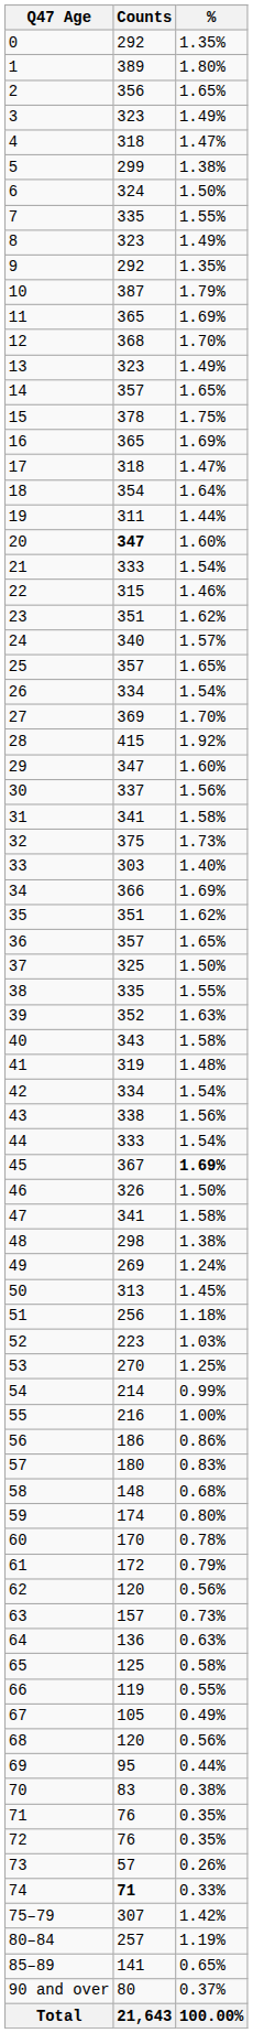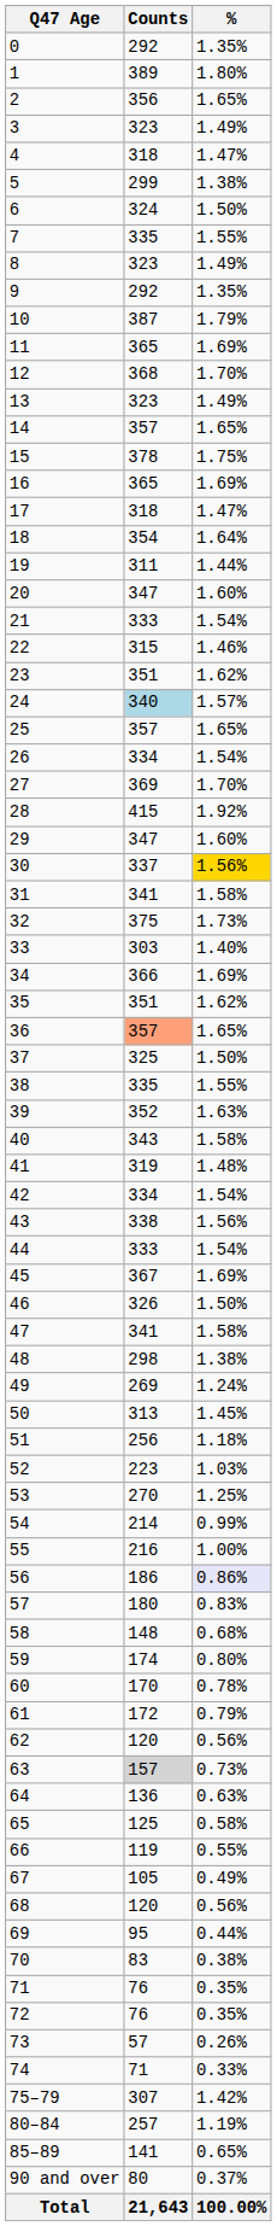 <table class="wikitable sortable">
 <tr>
 <th>Q47 Age</th>
 <th>Counts</th>
 <th>%</th>
 </tr>
 <tr>
 <td>0</td>
 <td>292</td>
 <td>1.35%</td>
 </tr>
 <tr>
 <td>1</td>
 <td>389</td>
 <td>1.80%</td>
 </tr>
 <tr>
 <td>2</td>
 <td>356</td>
 <td>1.65%</td>
 </tr>
 <tr>
 <td>3</td>
 <td>323</td>
 <td>1.49%</td>
 </tr>
 <tr>
 <td>4</td>
 <td>318</td>
 <td>1.47%</td>
 </tr>
 <tr>
 <td>5</td>
 <td>299</td>
 <td>1.38%</td>
 </tr>
 <tr>
 <td>6</td>
 <td>324</td>
 <td>1.50%</td>
 </tr>
 <tr>
 <td>7</td>
 <td>335</td>
 <td>1.55%</td>
 </tr>
 <tr>
 <td>8</td>
 <td>323</td>
 <td>1.49%</td>
 </tr>
 <tr>
 <td>9</td>
 <td>292</td>
 <td>1.35%</td>
 </tr>
 <tr>
 <td>10</td>
 <td>387</td>
 <td>1.79%</td>
 </tr>
 <tr>
 <td>11</td>
 <td>365</td>
 <td>1.69%</td>
 </tr>
 <tr>
 <td>12</td>
 <td>368</td>
 <td>1.70%</td>
 </tr>
 <tr>
 <td>13</td>
 <td>323</td>
 <td>1.49%</td>
 </tr>
 <tr>
 <td>14</td>
 <td>357</td>
 <td>1.65%</td>
 </tr>
 <tr>
 <td>15</td>
 <td>378</td>
 <td>1.75%</td>
 </tr>
 <tr>
 <td>16</td>
 <td>365</td>
 <td>1.69%</td>
 </tr>
 <tr>
 <td>17</td>
 <td>318</td>
 <td>1.47%</td>
 </tr>
 <tr>
 <td>18</td>
 <td>354</td>
 <td>1.64%</td>
 </tr>
 <tr>
 <td>19</td>
 <td>311</td>
 <td>1.44%</td>
 </tr>
 <tr>
 <td>20</td>
-<td><strong>347</strong></td>
+<td>347</td>
 <td>1.60%</td>
 </tr>
 <tr>
 <td>21</td>
 <td>333</td>
 <td>1.54%</td>
 </tr>
 <tr>
 <td>22</td>
 <td>315</td>
 <td>1.46%</td>
 </tr>
 <tr>
 <td>23</td>
 <td>351</td>
 <td>1.62%</td>
 </tr>
 <tr>
 <td>24</td>
-<td>340</td>
+<td style="background: lightblue;">340</td>
 <td>1.57%</td>
 </tr>
 <tr>
 <td>25</td>
 <td>357</td>
 <td>1.65%</td>
 </tr>
 <tr>
 <td>26</td>
 <td>334</td>
 <td>1.54%</td>
 </tr>
 <tr>
 <td>27</td>
 <td>369</td>
 <td>1.70%</td>
 </tr>
 <tr>
 <td>28</td>
 <td>415</td>
 <td>1.92%</td>
 </tr>
 <tr>
 <td>29</td>
 <td>347</td>
 <td>1.60%</td>
 </tr>
 <tr>
 <td>30</td>
 <td>337</td>
-<td>1.56%</td>
+<td style="background: gold;">1.56%</td>
 </tr>
 <tr>
 <td>31</td>
 <td>341</td>
 <td>1.58%</td>
 </tr>
 <tr>
 <td>32</td>
 <td>375</td>
 <td>1.73%</td>
 </tr>
 <tr>
 <td>33</td>
 <td>303</td>
 <td>1.40%</td>
 </tr>
 <tr>
 <td>34</td>
 <td>366</td>
 <td>1.69%</td>
 </tr>
 <tr>
 <td>35</td>
 <td>351</td>
 <td>1.62%</td>
 </tr>
 <tr>
 <td>36</td>
-<td>357</td>
+<td style="background: lightsalmon;">357</td>
 <td>1.65%</td>
 </tr>
 <tr>
 <td>37</td>
 <td>325</td>
 <td>1.50%</td>
 </tr>
 <tr>
 <td>38</td>
 <td>335</td>
 <td>1.55%</td>
 </tr>
 <tr>
 <td>39</td>
 <td>352</td>
 <td>1.63%</td>
 </tr>
 <tr>
 <td>40</td>
 <td>343</td>
 <td>1.58%</td>
 </tr>
 <tr>
 <td>41</td>
 <td>319</td>
 <td>1.48%</td>
 </tr>
 <tr>
 <td>42</td>
 <td>334</td>
 <td>1.54%</td>
 </tr>
 <tr>
 <td>43</td>
 <td>338</td>
 <td>1.56%</td>
 </tr>
 <tr>
 <td>44</td>
 <td>333</td>
 <td>1.54%</td>
 </tr>
 <tr>
 <td>45</td>
 <td>367</td>
-<td><strong>1.69%</strong></td>
+<td>1.69%</td>
 </tr>
 <tr>
 <td>46</td>
 <td>326</td>
 <td>1.50%</td>
 </tr>
 <tr>
 <td>47</td>
 <td>341</td>
 <td>1.58%</td>
 </tr>
 <tr>
 <td>48</td>
 <td>298</td>
 <td>1.38%</td>
 </tr>
 <tr>
 <td>49</td>
 <td>269</td>
 <td>1.24%</td>
 </tr>
 <tr>
 <td>50</td>
 <td>313</td>
 <td>1.45%</td>
 </tr>
 <tr>
 <td>51</td>
 <td>256</td>
 <td>1.18%</td>
 </tr>
 <tr>
 <td>52</td>
 <td>223</td>
 <td>1.03%</td>
 </tr>
 <tr>
 <td>53</td>
 <td>270</td>
 <td>1.25%</td>
 </tr>
 <tr>
 <td>54</td>
 <td>214</td>
 <td>0.99%</td>
 </tr>
 <tr>
 <td>55</td>
 <td>216</td>
 <td>1.00%</td>
 </tr>
 <tr>
 <td>56</td>
 <td>186</td>
-<td>0.86%</td>
+<td style="background: lavender;">0.86%</td>
 </tr>
 <tr>
 <td>57</td>
 <td>180</td>
 <td>0.83%</td>
 </tr>
 <tr>
 <td>58</td>
 <td>148</td>
 <td>0.68%</td>
 </tr>
 <tr>
 <td>59</td>
 <td>174</td>
 <td>0.80%</td>
 </tr>
 <tr>
 <td>60</td>
 <td>170</td>
 <td>0.78%</td>
 </tr>
 <tr>
 <td>61</td>
 <td>172</td>
 <td>0.79%</td>
 </tr>
 <tr>
 <td>62</td>
 <td>120</td>
 <td>0.56%</td>
 </tr>
 <tr>
 <td>63</td>
-<td>157</td>
+<td style="background: lightgrey;">157</td>
 <td>0.73%</td>
 </tr>
 <tr>
 <td>64</td>
 <td>136</td>
 <td>0.63%</td>
 </tr>
 <tr>
 <td>65</td>
 <td>125</td>
 <td>0.58%</td>
 </tr>
 <tr>
 <td>66</td>
 <td>119</td>
 <td>0.55%</td>
 </tr>
 <tr>
 <td>67</td>
 <td>105</td>
 <td>0.49%</td>
 </tr>
 <tr>
 <td>68</td>
 <td>120</td>
 <td>0.56%</td>
 </tr>
 <tr>
 <td>69</td>
 <td>95</td>
 <td>0.44%</td>
 </tr>
 <tr>
 <td>70</td>
 <td>83</td>
 <td>0.38%</td>
 </tr>
 <tr>
 <td>71</td>
 <td>76</td>
 <td>0.35%</td>
 </tr>
 <tr>
 <td>72</td>
 <td>76</td>
 <td>0.35%</td>
 </tr>
 <tr>
 <td>73</td>
 <td>57</td>
 <td>0.26%</td>
 </tr>
 <tr>
 <td>74</td>
-<td><strong>71</strong></td>
+<td>71</td>
 <td>0.33%</td>
 </tr>
 <tr>
 <td>75–79</td>
 <td>307</td>
 <td>1.42%</td>
 </tr>
 <tr>
 <td>80–84</td>
 <td>257</td>
 <td>1.19%</td>
 </tr>
 <tr>
 <td>85–89</td>
 <td>141</td>
 <td>0.65%</td>
 </tr>
 <tr>
 <td>90 and over</td>
 <td>80</td>
 <td>0.37%</td>
 </tr>
 <tr>
 <th>Total</th>
 <th>21,643</th>
 <th>100.00%</th>
 </tr>
 </table>
